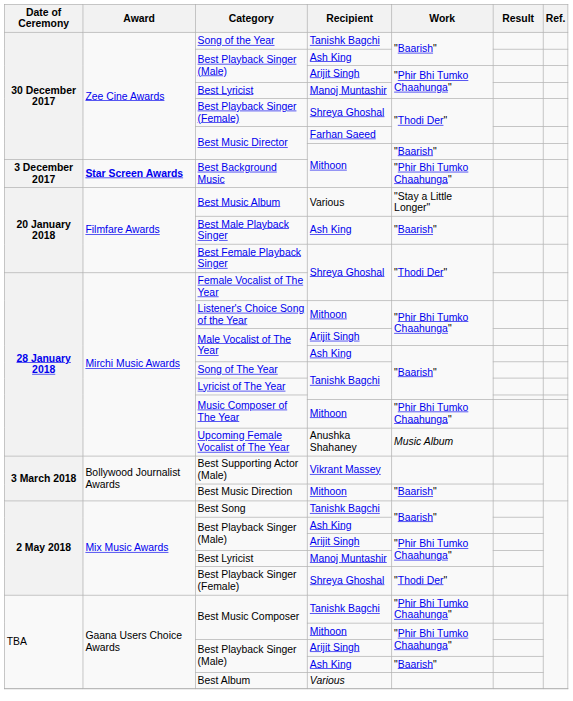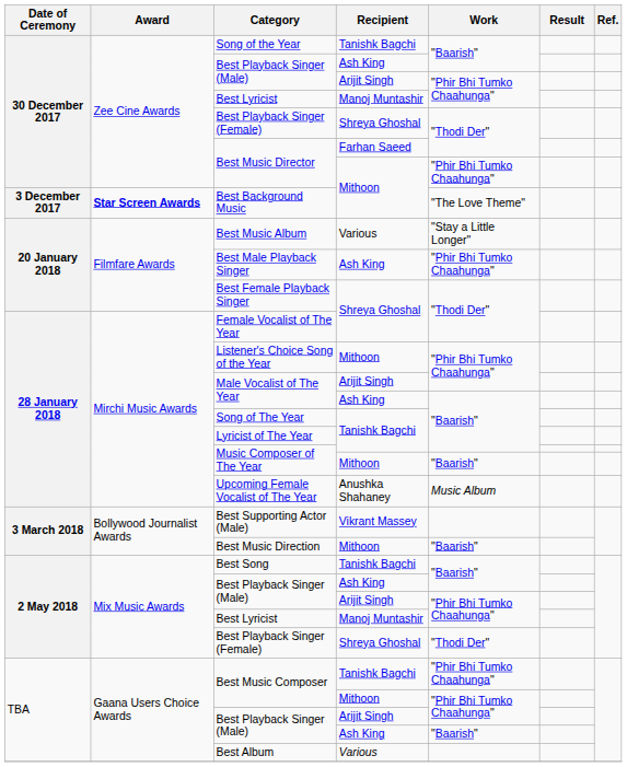 <table class="wikitable" border="1">
 <tr>
 <th width=14%>Date of Ceremony</th>
 <th width=20%>Award</th>
 <th width=20%>Category</th>
 <th width=15%>Recipient</th>
 <th width=18%>Work</th>
 <th width=9%>Result</th>
 <th width=5%>Ref.</th>
 </tr>
 <tr>
 <th rowspan="7">30 December 2017</th>
 <td rowspan="7"><a href='#'>Zee Cine Awards</a></td>
 <td><a href='#'>Song of the Year</a></td>
 <td><a href='#'>Tanishk Bagchi</a></td>
 <td rowspan="2">"<a href='#'>Baarish</a>"</td>
 <td></td>
 <td></td>
 </tr>
 <tr>
 <td rowspan="2"><a href='#'>Best Playback Singer (Male)</a></td>
 <td><a href='#'>Ash King</a></td>
 <td></td>
 <td></td>
 </tr>
 <tr>
 <td><a href='#'>Arijit Singh</a></td>
 <td rowspan="2">"<a href='#'>Phir Bhi Tumko Chaahunga</a>"</td>
 <td></td>
 <td></td>
 </tr>
 <tr>
 <td><a href='#'>Best Lyricist</a></td>
 <td><a href='#'>Manoj Muntashir</a></td>
 <td></td>
 <td></td>
 </tr>
 <tr>
 <td><a href='#'>Best Playback Singer (Female)</a></td>
 <td><a href='#'>Shreya Ghoshal</a></td>
 <td rowspan="2">"<a href='#'>Thodi Der</a>"</td>
 <td></td>
 <td></td>
 </tr>
 <tr>
 <td rowspan="2"><a href='#'>Best Music Director</a></td>
 <td><a href='#'>Farhan Saeed</a></td>
 <td></td>
 <td></td>
 </tr>
 <tr>
 <td rowspan="2"><a href='#'>Mithoon</a></td>
-<td>"<a href='#'>Baarish</a>"</td>
+<td>"<a href='#'>Phir Bhi Tumko Chaahunga</a>"</td>
 <td></td>
 <td></td>
 </tr>
 <tr>
 <th>3 December 2017</th>
 <td><strong><a href='#'>Star Screen Awards</a></strong></td>
 <td><a href='#'>Best Background Music</a></td>
-<td>"<a href='#'>Phir Bhi Tumko Chaahunga</a>"</td>
+<td>"The Love Theme"</td>
 <td></td>
 <td></td>
 </tr>
 <tr>
 <th rowspan="3">20 January 2018</th>
 <td rowspan="3"><a href='#'>Filmfare Awards</a></td>
 <td><a href='#'>Best Music Album</a></td>
 <td>Various</td>
 <td>"Stay a Little Longer"</td>
 <td></td>
 <td></td>
 </tr>
 <tr>
 <td><a href='#'>Best Male Playback Singer</a></td>
 <td><a href='#'>Ash King</a></td>
-<td>"<a href='#'>Baarish</a>"</td>
+<td>"<a href='#'>Phir Bhi Tumko Chaahunga</a>"</td>
 <td></td>
 <td></td>
 </tr>
 <tr>
 <td><a href='#'>Best Female Playback Singer</a></td>
 <td rowspan="2"><a href='#'>Shreya Ghoshal</a></td>
 <td rowspan="2">"<a href='#'>Thodi Der</a>"</td>
 <td></td>
 <td></td>
 </tr>
 <tr>
 <th rowspan="9"><a href='#'>28 January 2018</a></th>
 <td rowspan="9"><a href='#'>Mirchi Music Awards</a></td>
 <td><a href='#'>Female Vocalist of The Year</a></td>
 <td></td>
 <td></td>
 </tr>
 <tr>
 <td><a href='#'>Listener's Choice Song of the Year</a></td>
 <td><a href='#'>Mithoon</a></td>
 <td rowspan="2">"<a href='#'>Phir Bhi Tumko Chaahunga</a>"</td>
 <td></td>
 <td></td>
 </tr>
 <tr>
 <td rowspan="2"><a href='#'>Male Vocalist of The Year</a></td>
 <td><a href='#'>Arijit Singh</a></td>
 <td></td>
 <td></td>
 </tr>
 <tr>
 <td><a href='#'>Ash King</a></td>
 <td rowspan="4">"<a href='#'>Baarish</a>"</td>
 <td></td>
 <td></td>
 </tr>
 <tr>
 <td><a href='#'>Song of The Year</a></td>
 <td rowspan="3"><a href='#'>Tanishk Bagchi</a></td>
 <td></td>
 <td></td>
 </tr>
 <tr>
 <td><a href='#'>Lyricist of The Year</a></td>
 <td></td>
 <td></td>
 </tr>
 <tr>
 <td rowspan="2"><a href='#'>Music Composer of The Year</a></td>
 <td></td>
 <td></td>
 </tr>
 <tr>
 <td><a href='#'>Mithoon</a></td>
-<td>"<a href='#'>Phir Bhi Tumko Chaahunga</a>"</td>
+<td>"<a href='#'>Baarish</a>"</td>
 <td></td>
 <td></td>
 </tr>
 <tr>
 <td><a href='#'>Upcoming Female Vocalist of The Year</a></td>
 <td>Anushka Shahaney</td>
 <td><em>Music Album</em></td>
 <td></td>
 <td></td>
 </tr>
 <tr>
 <th rowspan="2">3 March 2018</th>
 <td rowspan="2">Bollywood Journalist Awards</td>
 <td>Best Supporting Actor (Male)</td>
 <td><a href='#'>Vikrant Massey</a></td>
 <td></td>
 <td></td>
 <td rowspan="2"></td>
 </tr>
 <tr>
 <td>Best Music Direction</td>
 <td><a href='#'>Mithoon</a></td>
 <td>"<a href='#'>Baarish</a>"</td>
 <td></td>
 </tr>
 <tr>
 <th rowspan="5">2 May 2018</th>
 <td rowspan="5"><a href='#'>Mix Music Awards</a></td>
 <td>Best Song</td>
 <td><a href='#'>Tanishk Bagchi</a></td>
 <td rowspan="2">"<a href='#'>Baarish</a>"</td>
 <td></td>
 <td rowspan="5"></td>
 </tr>
 <tr>
 <td rowspan="2">Best Playback Singer (Male)</td>
 <td><a href='#'>Ash King</a></td>
 <td></td>
 </tr>
 <tr>
 <td><a href='#'>Arijit Singh</a></td>
 <td rowspan="2">"<a href='#'>Phir Bhi Tumko Chaahunga</a>"</td>
 <td></td>
 </tr>
 <tr>
 <td>Best Lyricist</td>
 <td><a href='#'>Manoj Muntashir</a></td>
 <td></td>
 </tr>
 <tr>
 <td>Best Playback Singer (Female)</td>
 <td><a href='#'>Shreya Ghoshal</a></td>
 <td>"<a href='#'>Thodi Der</a>"</td>
 <td></td>
 </tr>
 <tr>
 <td rowspan="5">TBA</td>
 <td rowspan="5">Gaana Users Choice Awards</td>
 <td rowspan="2">Best Music Composer</td>
 <td><a href='#'>Tanishk Bagchi</a></td>
 <td>"<a href='#'>Phir Bhi Tumko Chaahunga</a>"</td>
 <td></td>
 <td rowspan="5"></td>
 </tr>
 <tr>
 <td><a href='#'>Mithoon</a></td>
 <td rowspan="2">"<a href='#'>Phir Bhi Tumko Chaahunga</a>"</td>
 <td></td>
 </tr>
 <tr>
 <td rowspan=2>Best Playback Singer (Male)</td>
 <td><a href='#'>Arijit Singh</a></td>
 <td></td>
 </tr>
 <tr>
 <td><a href='#'>Ash King</a></td>
 <td>"<a href='#'>Baarish</a>"</td>
 <td></td>
 </tr>
 <tr>
 <td>Best Album</td>
 <td><em>Various</em></td>
 <td></td>
 <td></td>
 </tr>
 <tr>
 </tr>
 </table>
